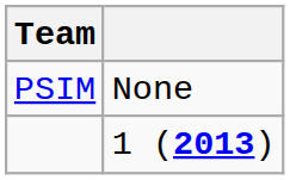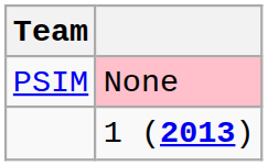 <table class="wikitable plainrowheaders">
 <tr>
 <th scope="col">Team</th>
 <th scope="col"></th>
 </tr>
 <tr>
 <td><a href='#'>PSIM</a></td>
-<td>None</td>
+<td style="background: pink;">None</td>
 </tr>
 <tr>
 <td></td>
 <td>1 (<strong><a href='#'>2013</a></strong>)</td>
 </tr>
 </table>
